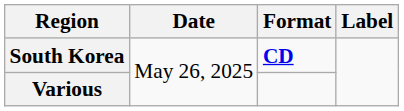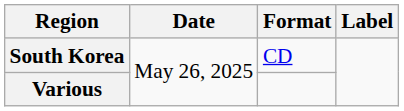 <table class="wikitable plainrowheaders">
 <tr>
 <th scope="col">Region</th>
 <th scope="col">Date</th>
 <th scope="col">Format</th>
 <th scope="col">Label</th>
 </tr>
 <tr>
 <th scope="row">South Korea</th>
 <td rowspan="2">May 26, 2025</td>
-<td><strong><a href='#'>CD</a></strong></td>
+<td><a href='#'>CD</a></td>
 <td rowspan="2"></td>
 </tr>
 <tr>
 <th scope="row">Various </th>
 <td></td>
 </tr>
 </table>
